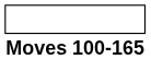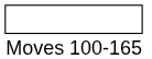 <table style="display:inline; display:inline-table;">
 <tr>
 <td style="border: solid thin; padding: 2px;"><br></td>
 </tr>
 <tr>
-<td style="text-align:center"><strong>Moves 100-165</strong></td>
+<td style="text-align:center">Moves 100-165</td>
 </tr>
 </table>
